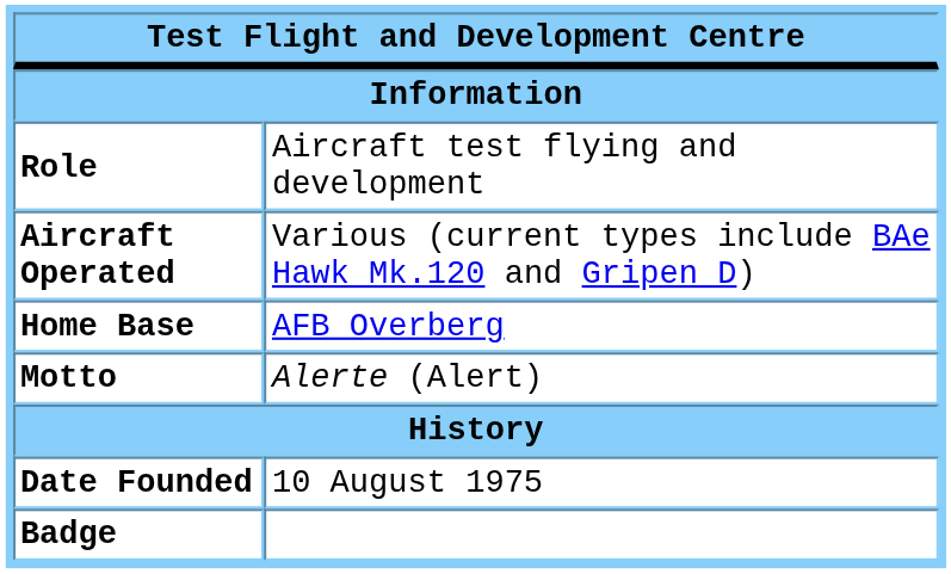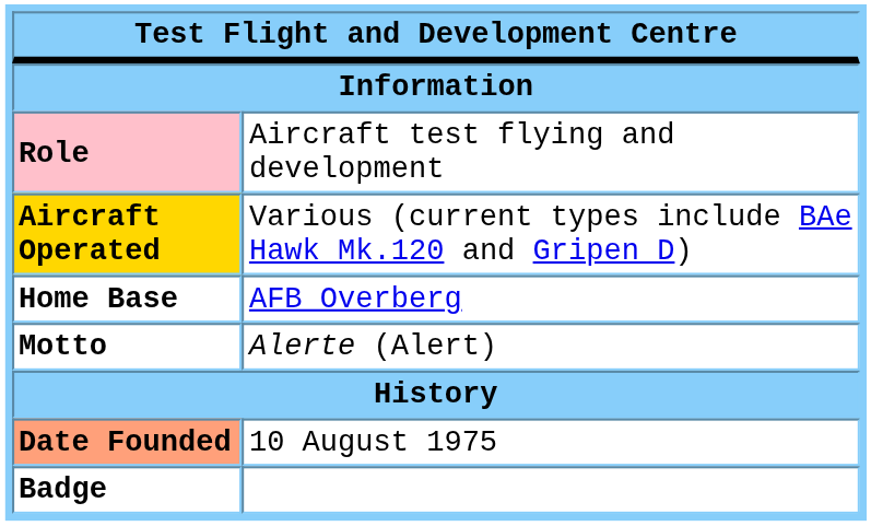 <table border="1" cellpadding="2" cellspacing="0" style="margin-left:1em; border:3px solid lightskyblue;width:30%; " align="right">
 <tr>
 <th bgcolor="lightskyblue" colspan="3" align="center" style="border-bottom:3px solid">Test Flight and Development Centre</th>
 </tr>
 <tr>
 <th bgcolor="lightskyblue" colspan="3">Information</th>
 </tr>
 <tr>
-<td><strong>Role</strong></td>
+<td style="background: pink;"><strong>Role</strong></td>
 <td colspan="2">Aircraft test flying and development</td>
 </tr>
 <tr>
-<td><strong>Aircraft Operated</strong></td>
+<td style="background: gold;"><strong>Aircraft Operated</strong></td>
 <td colspan="2">Various (current types include <a href='#'>BAe Hawk Mk.120</a> and <a href='#'>Gripen D</a>)</td>
 </tr>
 <tr>
 <td><strong>Home Base</strong></td>
 <td colspan="2"><a href='#'>AFB Overberg</a></td>
 </tr>
 <tr>
 <td><strong>Motto</strong></td>
 <td colspan="2"><em>Alerte</em> (Alert)</td>
 </tr>
 <tr>
 <th bgcolor="lightskyblue" colspan="3">History</th>
 </tr>
 <tr>
-<td><strong>Date Founded</strong></td>
+<td style="background: lightsalmon;"><strong>Date Founded</strong></td>
 <td colspan="2">10 August 1975</td>
 </tr>
 <tr>
 <td><strong>Badge</strong></td>
 <td colspan="2"></td>
 </tr>
 </table>
